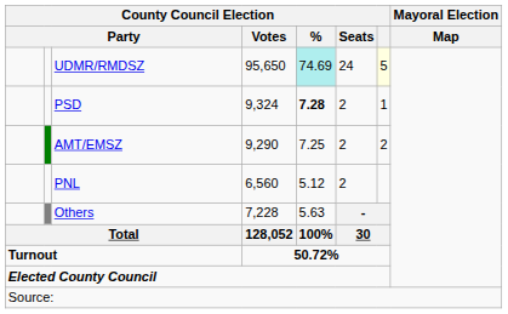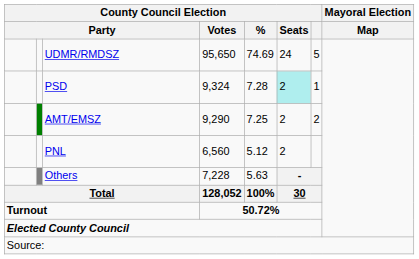 <table class="wikitable" style="text-align:left">
 <tr>
 <th colspan="7">County Council Election</th>
 <th>Mayoral Election</th>
 </tr>
 <tr>
 <th colspan="3" width="280">Party</th>
 <th>Votes</th>
 <th>%</th>
 <th>Seats</th>
 <th></th>
 <th>Map</th>
 </tr>
 <tr>
 <td width="40" height="40"></td>
 <td style="color:inherit;background:"></td>
 <td align="left"><a href='#'>UDMR/RMDSZ</a></td>
 <td>95,650</td>
-<td style="background: paleturquoise;">74.69</td>
+<td>74.69</td>
 <td>24</td>
-<td style="background: lightyellow;">5</td>
+<td>5</td>
 <td rowspan="8"></td>
 </tr>
 <tr>
 <td height="40"></td>
 <td style="color:inherit;background:"></td>
 <td align="left"><a href='#'>PSD</a></td>
 <td>9,324</td>
-<td><strong>7.28</strong></td>
-<td>2</td>
+<td>7.28</td>
+<td style="background: paleturquoise;">2</td>
 <td>1</td>
 </tr>
 <tr>
 <td height="40"></td>
 <td width="1" style="color:inherit;background:#008000;"></td>
 <td align="left"><a href='#'>AMT/EMSZ</a></td>
 <td>9,290</td>
 <td>7.25</td>
 <td>2</td>
 <td>2</td>
 </tr>
 <tr>
 <td height="40"></td>
 <td style="color:inherit;background:"></td>
 <td align="left"><a href='#'>PNL</a></td>
 <td>6,560</td>
 <td>5.12</td>
 <td>2</td>
 <td></td>
 </tr>
 <tr>
 <td></td>
 <td style="background-color:Grey "></td>
 <td align="left"><a href='#'>Others</a></td>
 <td>7,228</td>
 <td>5.63</td>
 <th colspan="2">-</th>
 </tr>
 <tr>
 <th colspan="3"><strong><u>Total</u></strong></th>
 <th style="text-align:left">128,052</th>
 <th style="text-align:left">100%</th>
 <th colspan="2"><strong><u>30</u></strong></th>
 </tr>
 <tr>
 <td colspan="3"><strong>Turnout</strong></td>
 <td colspan="4" style="text-align: center"><strong>50.72%</strong></td>
 </tr>
 <tr>
 <td colspan="7"><strong><em>Elected County Council</em></strong></td>
 </tr>
 <tr>
 <td colspan="8">Source: </td>
 </tr>
 </table>
